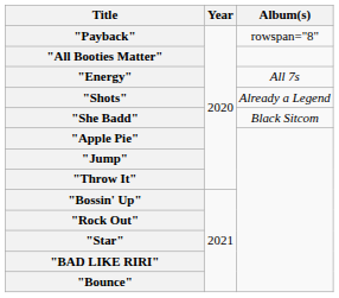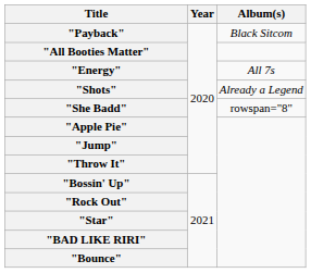 <table class="wikitable plainrowheaders" style="text-align:center;">
 <tr>
 <th scope="col" style="width:15em;">Title</th>
 <th scope="col">Year</th>
 <th scope="col">Album(s)</th>
 </tr>
 <tr>
 <th scope="row">"Payback"<br></th>
 <td rowspan="8">2020</td>
-<td>rowspan="8" </td>
+<td><em>Black Sitcom</em></td>
 </tr>
 <tr>
 <th scope="row">"All Booties Matter"<br></th>
 <td></td>
 </tr>
 <tr>
 <th scope="row">"Energy"<br></th>
 <td><em>All 7s</em></td>
 </tr>
 <tr>
 <th scope="row">"Shots"<br></th>
 <td><em>Already a Legend</em></td>
 </tr>
 <tr>
 <th scope="row">"She Badd"<br></th>
-<td><em>Black Sitcom</em></td>
+<td>rowspan="8" </td>
 </tr>
 <tr>
 <th scope="row">"Apple Pie"<br></th>
 </tr>
 <tr>
 <th scope="row">"Jump"<br></th>
 </tr>
 <tr>
 <th scope="row">"Throw It"<br></th>
 </tr>
 <tr>
 <th scope="row">"Bossin' Up"<br></th>
 <td rowspan="5">2021</td>
 </tr>
 <tr>
 <th scope="row">"Rock Out"<br></th>
 </tr>
 <tr>
 <th scope="row">"Star"<br></th>
 </tr>
 <tr>
 <th scope="row">"BAD LIKE RIRI"<br></th>
 </tr>
 <tr>
 <th scope="row">"Bounce"<br></th>
 </tr>
 </table>
